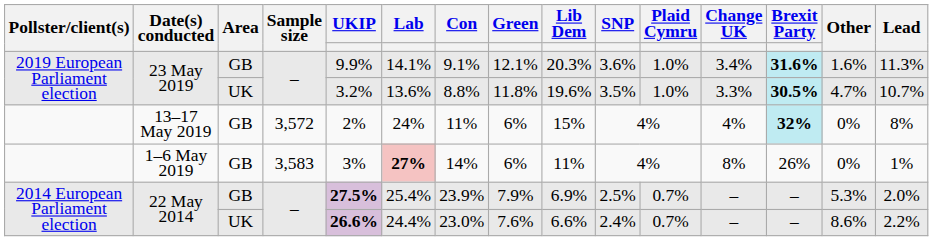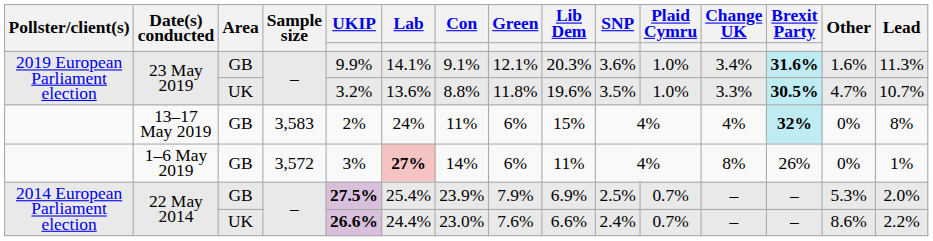 <table class="wikitable sortable mw-datatable" style="text-align:center;line-height:14px;">
 <tr>
 <th rowspan="2">Pollster/client(s)</th>
 <th rowspan="2">Date(s)<br>conducted</th>
 <th rowspan="2">Area</th>
 <th data-sort-type="number" rowspan="2">Sample<br>size</th>
 <th class="unsortable" style="width:50px;"><a href='#'>UKIP</a></th>
 <th class="unsortable" style="width:50px;"><a href='#'>Lab</a></th>
 <th class="unsortable" style="width:50px;"><a href='#'>Con</a></th>
 <th class="unsortable" style="width:50px;"><a href='#'>Green</a></th>
 <th class="unsortable" style="width:50px;"><a href='#'>Lib Dem</a></th>
 <th class="unsortable" style="width:50px;"><a href='#'>SNP</a></th>
 <th class="unsortable" style="width:50px;"><a href='#'>Plaid Cymru</a></th>
 <th class="unsortable" style="width:50px;"><a href='#'>Change UK</a></th>
 <th class="unsortable" style="width:50px;"><a href='#'>Brexit Party</a></th>
 <th class="unsortable" rowspan="2">Other</th>
 <th data-sort-type="number" rowspan="2">Lead</th>
 </tr>
 <tr>
 <th data-sort-type="number" style="background:"></th>
 <th data-sort-type="number" style="background:"></th>
 <th data-sort-type="number" style="background:"></th>
 <th data-sort-type="number" style="background:"></th>
 <th data-sort-type="number" style="background:"></th>
 <th data-sort-type="number" style="background:"></th>
 <th data-sort-type="number" style="background:"></th>
 <th data-sort-type="number" style="background:"></th>
 <th data-sort-type="number" style="background:"></th>
 </tr>
 <tr style="background:#E9E9E9;">
 <td rowspan="2"><a href='#'>2019 European Parliament election</a></td>
 <td rowspan="2" data-sort-value="2019-05-23">23 May 2019</td>
 <td>GB</td>
 <td rowspan="2">–</td>
 <td>9.9%</td>
 <td>14.1%</td>
 <td>9.1%</td>
 <td>12.1%</td>
 <td>20.3%</td>
 <td>3.6%</td>
 <td>1.0%</td>
 <td>3.4%</td>
 <td style="background:#BFEBF2;"><strong>31.6%</strong></td>
 <td>1.6%</td>
 <td style="background:">11.3%</td>
 </tr>
 <tr style="background:#E9E9E9;">
 <td>UK</td>
 <td>3.2%</td>
 <td>13.6%</td>
 <td>8.8%</td>
 <td>11.8%</td>
 <td>19.6%</td>
 <td>3.5%</td>
 <td>1.0%</td>
 <td>3.3%</td>
 <td style="background:#BFEBF2;"><strong>30.5%</strong></td>
 <td>4.7%</td>
 <td style="background:">10.7%</td>
 </tr>
 <tr>
 <td></td>
 <td data-sort-value="2019-05-17">13–17 May 2019</td>
 <td>GB</td>
-<td>3,572</td>
+<td>3,583</td>
 <td>2%</td>
 <td>24%</td>
 <td>11%</td>
 <td>6%</td>
 <td>15%</td>
 <td colspan="2">4%</td>
 <td>4%</td>
 <td style="background:#BFEBF2;"><strong>32%</strong></td>
 <td>0%</td>
 <td style="background:">8%</td>
 </tr>
 <tr>
 <td></td>
 <td data-sort-value="2019-05-06">1–6 May 2019</td>
 <td>GB</td>
-<td>3,583</td>
+<td>3,572</td>
 <td>3%</td>
 <td style="background:#F5C3C2;"><strong>27%</strong></td>
 <td>14%</td>
 <td>6%</td>
 <td>11%</td>
 <td colspan="2">4%</td>
 <td>8%</td>
 <td>26%</td>
 <td>0%</td>
 <td style="background:">1%</td>
 </tr>
 <tr style="background:#E9E9E9;">
 <td rowspan="2"><a href='#'>2014 European Parliament election</a></td>
 <td rowspan="2" data-sort-value="2014-05-22">22 May 2014</td>
 <td>GB</td>
 <td rowspan="2">–</td>
 <td style="background:#D8BFDB;"><strong>27.5%</strong></td>
 <td>25.4%</td>
 <td>23.9%</td>
 <td>7.9%</td>
 <td>6.9%</td>
 <td>2.5%</td>
 <td>0.7%</td>
 <td>–</td>
 <td>–</td>
 <td>5.3%</td>
 <td style="background:">2.0%</td>
 </tr>
 <tr style="background:#E9E9E9;">
 <td>UK</td>
 <td style="background:#D8BFDB;"><strong>26.6%</strong></td>
 <td>24.4%</td>
 <td>23.0%</td>
 <td>7.6%</td>
 <td>6.6%</td>
 <td>2.4%</td>
 <td>0.7%</td>
 <td>–</td>
 <td>–</td>
 <td>8.6%</td>
 <td style="background:">2.2%</td>
 </tr>
 </table>
